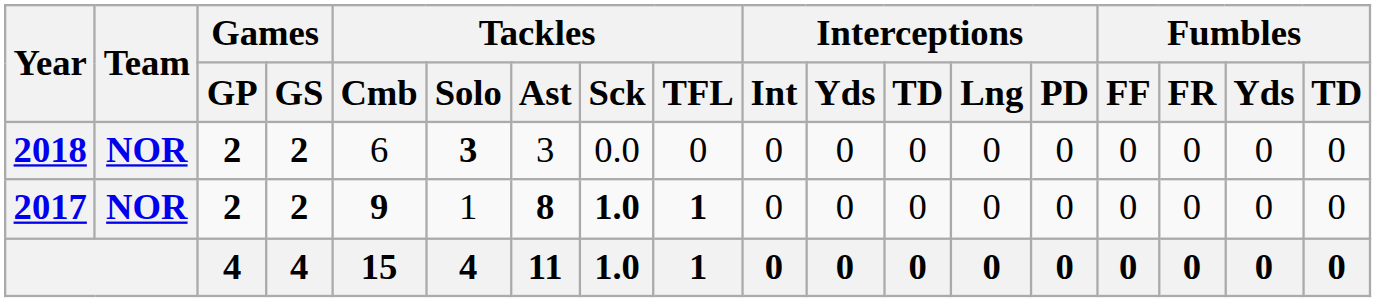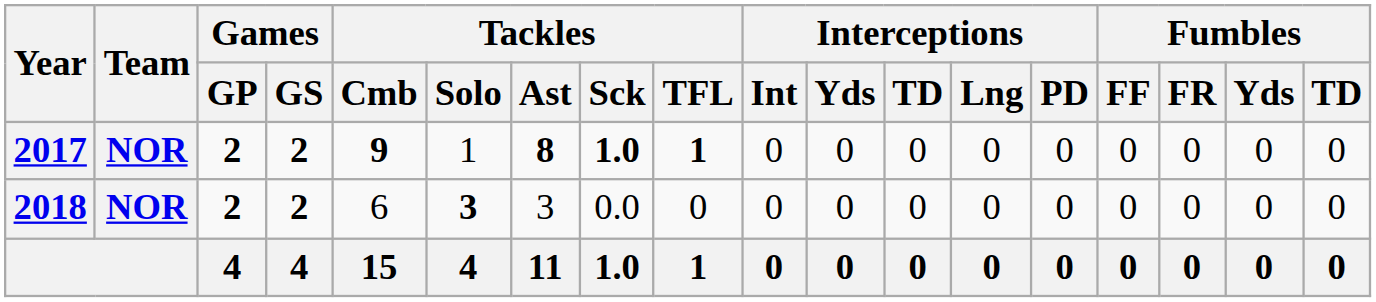 <table class="wikitable" style="text-align:center">
 <tr>
 <th rowspan="2">Year</th>
 <th rowspan="2">Team</th>
 <th colspan="2">Games</th>
 <th colspan="5">Tackles</th>
 <th colspan="5">Interceptions</th>
 <th colspan="4">Fumbles</th>
 </tr>
 <tr>
 <th>GP</th>
 <th>GS</th>
 <th>Cmb</th>
 <th>Solo</th>
 <th>Ast</th>
 <th>Sck</th>
 <th>TFL</th>
 <th>Int</th>
 <th>Yds</th>
 <th>TD</th>
 <th>Lng</th>
 <th>PD</th>
 <th>FF</th>
 <th>FR</th>
 <th>Yds</th>
 <th>TD</th>
 </tr>
 <tr>
-<th><a href='#'>2018</a></th>
+<th><a href='#'>2017</a></th>
 <th><a href='#'>NOR</a></th>
 <td><strong>2</strong></td>
 <td><strong>2</strong></td>
-<td>6</td>
-<td><strong>3</strong></td>
-<td>3</td>
-<td>0.0</td>
-<td>0</td>
+<td><strong>9</strong></td>
+<td>1</td>
+<td><strong>8</strong></td>
+<td><strong>1.0</strong></td>
+<td><strong>1</strong></td>
 <td>0</td>
 <td>0</td>
 <td>0</td>
 <td>0</td>
 <td>0</td>
 <td>0</td>
 <td>0</td>
 <td>0</td>
 <td>0</td>
 </tr>
 <tr>
-<th><a href='#'>2017</a></th>
+<th><a href='#'>2018</a></th>
 <th><a href='#'>NOR</a></th>
 <td><strong>2</strong></td>
 <td><strong>2</strong></td>
-<td><strong>9</strong></td>
-<td>1</td>
-<td><strong>8</strong></td>
-<td><strong>1.0</strong></td>
-<td><strong>1</strong></td>
+<td>6</td>
+<td><strong>3</strong></td>
+<td>3</td>
+<td>0.0</td>
+<td>0</td>
 <td>0</td>
 <td>0</td>
 <td>0</td>
 <td>0</td>
 <td>0</td>
 <td>0</td>
 <td>0</td>
 <td>0</td>
 <td>0</td>
 </tr>
 <tr>
 <th colspan="2"></th>
 <th>4</th>
 <th>4</th>
 <th>15</th>
 <th>4</th>
 <th>11</th>
 <th>1.0</th>
 <th>1</th>
 <th>0</th>
 <th>0</th>
 <th>0</th>
 <th>0</th>
 <th>0</th>
 <th>0</th>
 <th>0</th>
 <th>0</th>
 <th>0</th>
 </tr>
 </table>
